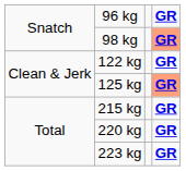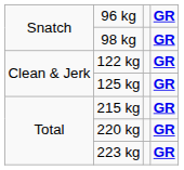 <table class = "wikitable" style="text-align:center;">
 <tr>
 <td rowspan=2>Snatch</td>
 <td>96 kg</td>
 <td align=left></td>
 <td><strong><a href='#'>GR</a></strong></td>
 </tr>
 <tr>
 <td>98 kg</td>
 <td align=left></td>
-<td style="background: lightsalmon;"><strong><a href='#'>GR</a></strong></td>
+<td><strong><a href='#'>GR</a></strong></td>
 </tr>
 <tr>
 <td rowspan=2>Clean & Jerk</td>
 <td>122 kg</td>
 <td align=left></td>
 <td><strong><a href='#'>GR</a></strong></td>
 </tr>
 <tr>
 <td>125 kg</td>
 <td align=left></td>
-<td style="background: lightsalmon;"><strong><a href='#'>GR</a></strong></td>
+<td><strong><a href='#'>GR</a></strong></td>
 </tr>
 <tr>
 <td rowspan=3>Total</td>
 <td>215 kg</td>
 <td align=left></td>
 <td><strong><a href='#'>GR</a></strong></td>
 </tr>
 <tr>
 <td>220 kg</td>
 <td align=left></td>
 <td><strong><a href='#'>GR</a></strong></td>
 </tr>
 <tr>
 <td>223 kg</td>
 <td align=left></td>
 <td><strong><a href='#'>GR</a></strong></td>
 </tr>
 </table>
